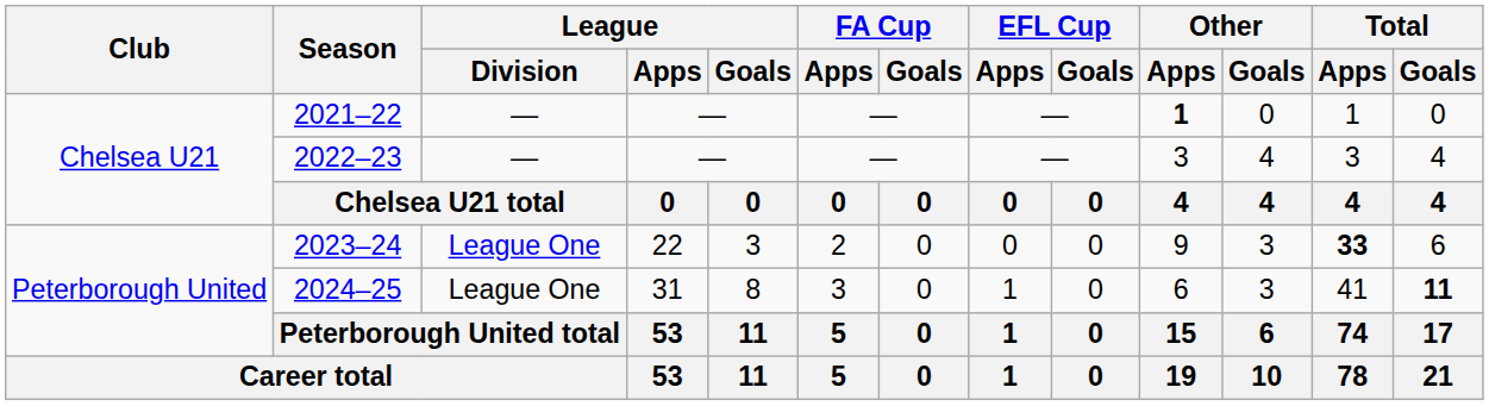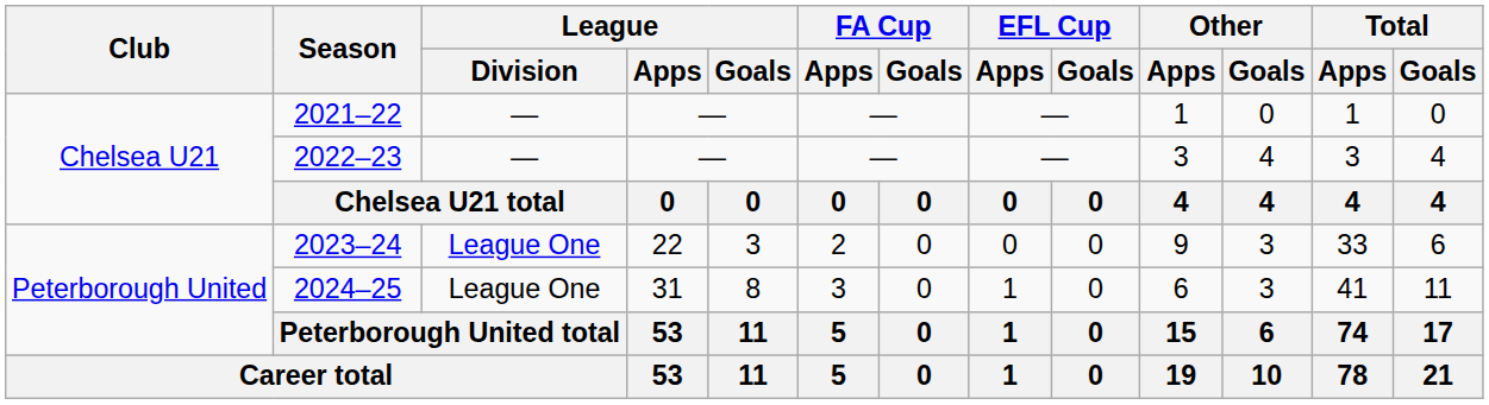 <table class=wikitable style=text-align:center>
 <tr>
 <th rowspan=2>Club</th>
 <th rowspan=2>Season</th>
 <th colspan=3>League</th>
 <th colspan=2><a href='#'>FA Cup</a></th>
 <th colspan=2><a href='#'>EFL Cup</a></th>
 <th colspan=2>Other</th>
 <th colspan=2>Total</th>
 </tr>
 <tr>
 <th>Division</th>
 <th>Apps</th>
 <th>Goals</th>
 <th>Apps</th>
 <th>Goals</th>
 <th>Apps</th>
 <th>Goals</th>
 <th>Apps</th>
 <th>Goals</th>
 <th>Apps</th>
 <th>Goals</th>
 </tr>
 <tr>
 <td rowspan="3"><a href='#'>Chelsea U21</a></td>
 <td><a href='#'>2021–22</a></td>
 <td>—</td>
 <td colspan=2>—</td>
 <td colspan=2>—</td>
 <td colspan=2>—</td>
-<td><strong>1</strong></td>
+<td>1</td>
 <td>0</td>
 <td>1</td>
 <td>0</td>
 </tr>
 <tr>
 <td><a href='#'>2022–23</a></td>
 <td>—</td>
 <td colspan=2>—</td>
 <td colspan=2>—</td>
 <td colspan=2>—</td>
 <td>3</td>
 <td>4</td>
 <td>3</td>
 <td>4</td>
 </tr>
 <tr>
 <th colspan=2>Chelsea U21 total</th>
 <th>0</th>
 <th>0</th>
 <th>0</th>
 <th>0</th>
 <th>0</th>
 <th>0</th>
 <th>4</th>
 <th>4</th>
 <th>4</th>
 <th>4</th>
 </tr>
 <tr>
 <td rowspan="3"><a href='#'>Peterborough United</a></td>
 <td><a href='#'>2023–24</a></td>
 <td><a href='#'>League One</a></td>
 <td>22</td>
 <td>3</td>
 <td>2</td>
 <td>0</td>
 <td>0</td>
 <td>0</td>
 <td>9</td>
 <td>3</td>
-<td><strong>33</strong></td>
+<td>33</td>
 <td>6</td>
 </tr>
 <tr>
 <td><a href='#'>2024–25</a></td>
 <td>League One</td>
 <td>31</td>
 <td>8</td>
 <td>3</td>
 <td>0</td>
 <td>1</td>
 <td>0</td>
 <td>6</td>
 <td>3</td>
 <td>41</td>
-<td><strong>11</strong></td>
+<td>11</td>
 </tr>
 <tr>
 <th colspan=2>Peterborough United total</th>
 <th>53</th>
 <th>11</th>
 <th>5</th>
 <th>0</th>
 <th>1</th>
 <th>0</th>
 <th>15</th>
 <th>6</th>
 <th>74</th>
 <th>17</th>
 </tr>
 <tr>
 <th colspan=3>Career total</th>
 <th>53</th>
 <th>11</th>
 <th>5</th>
 <th>0</th>
 <th>1</th>
 <th>0</th>
 <th>19</th>
 <th>10</th>
 <th>78</th>
 <th>21</th>
 </tr>
 </table>
